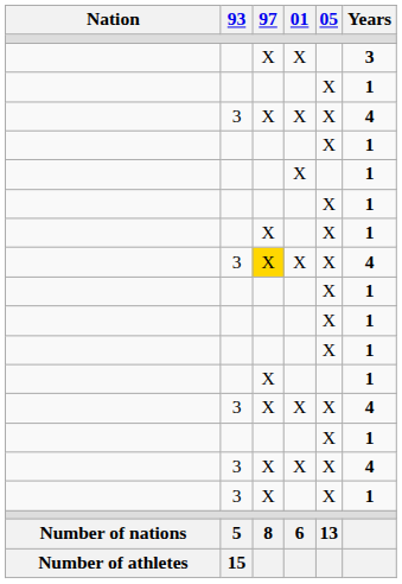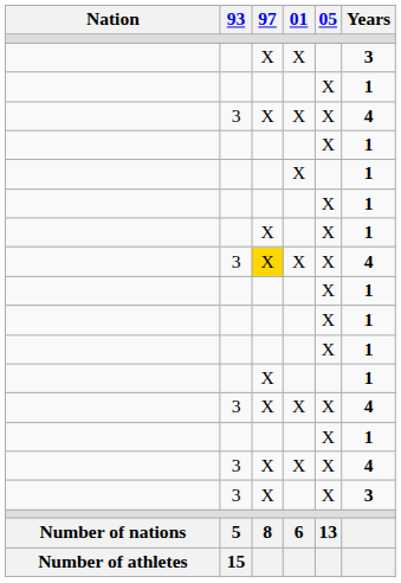 <table class="wikitable" style="text-align:center;">
 <tr>
 <th width="180">Nation</th>
 <th width="20"><a href='#'>93</a></th>
 <th width="20"><a href='#'>97</a></th>
 <th width="20"><a href='#'>01</a></th>
 <th><a href='#'>05</a></th>
 <th width="40">Years</th>
 </tr>
 <tr bgcolor="#DDDDDD">
 <td colspan="6"></td>
 </tr>
 <tr>
 <td align="left"></td>
 <td></td>
 <td>X</td>
 <td>X</td>
 <td></td>
 <td><strong>3</strong></td>
 </tr>
 <tr>
 <td align="left"></td>
 <td></td>
 <td></td>
 <td></td>
 <td>X</td>
 <td><strong>1</strong></td>
 </tr>
 <tr>
 <td align="left"></td>
 <td>3</td>
 <td>X</td>
 <td>X</td>
 <td>X</td>
 <td><strong>4</strong></td>
 </tr>
 <tr>
 <td align="left"></td>
 <td></td>
 <td></td>
 <td></td>
 <td>X</td>
 <td><strong>1</strong></td>
 </tr>
 <tr>
 <td align="left"></td>
 <td></td>
 <td></td>
 <td>X</td>
 <td></td>
 <td><strong>1</strong></td>
 </tr>
 <tr>
 <td align="left"></td>
 <td></td>
 <td></td>
 <td></td>
 <td>X</td>
 <td><strong>1</strong></td>
 </tr>
 <tr>
 <td align="left"></td>
 <td></td>
 <td>X</td>
 <td></td>
 <td>X</td>
 <td><strong>1</strong></td>
 </tr>
 <tr>
 <td align="left"></td>
 <td>3</td>
 <td style="background: gold;">X</td>
 <td>X</td>
 <td>X</td>
 <td><strong>4</strong></td>
 </tr>
 <tr>
 <td align="left"></td>
 <td></td>
 <td></td>
 <td></td>
 <td>X</td>
 <td><strong>1</strong></td>
 </tr>
 <tr>
 <td align="left"></td>
 <td></td>
 <td></td>
 <td></td>
 <td>X</td>
 <td><strong>1</strong></td>
 </tr>
 <tr>
 <td align="left"></td>
 <td></td>
 <td></td>
 <td></td>
 <td>X</td>
 <td><strong>1</strong></td>
 </tr>
 <tr>
 <td align="left"></td>
 <td></td>
 <td>X</td>
 <td></td>
 <td></td>
 <td><strong>1</strong></td>
 </tr>
 <tr>
 <td align="left"></td>
 <td>3</td>
 <td>X</td>
 <td>X</td>
 <td>X</td>
 <td><strong>4</strong></td>
 </tr>
 <tr>
 <td align="left"></td>
 <td></td>
 <td></td>
 <td></td>
 <td>X</td>
 <td><strong>1</strong></td>
 </tr>
 <tr>
 <td align="left"></td>
 <td>3</td>
 <td>X</td>
 <td>X</td>
 <td>X</td>
 <td><strong>4</strong></td>
 </tr>
 <tr>
 <td align="left"></td>
 <td>3</td>
 <td>X</td>
 <td></td>
 <td>X</td>
-<td><strong>1</strong></td>
+<td><strong>3</strong></td>
 </tr>
 <tr bgcolor="#DDDDDD">
 <td colspan="6"></td>
 </tr>
 <tr>
 <th>Number of nations</th>
 <th>5</th>
 <th>8</th>
 <th>6</th>
 <th>13</th>
 <th></th>
 </tr>
 <tr>
 <th>Number of athletes</th>
 <th>15</th>
 <th></th>
 <th></th>
 <th></th>
 <th></th>
 </tr>
 </table>
